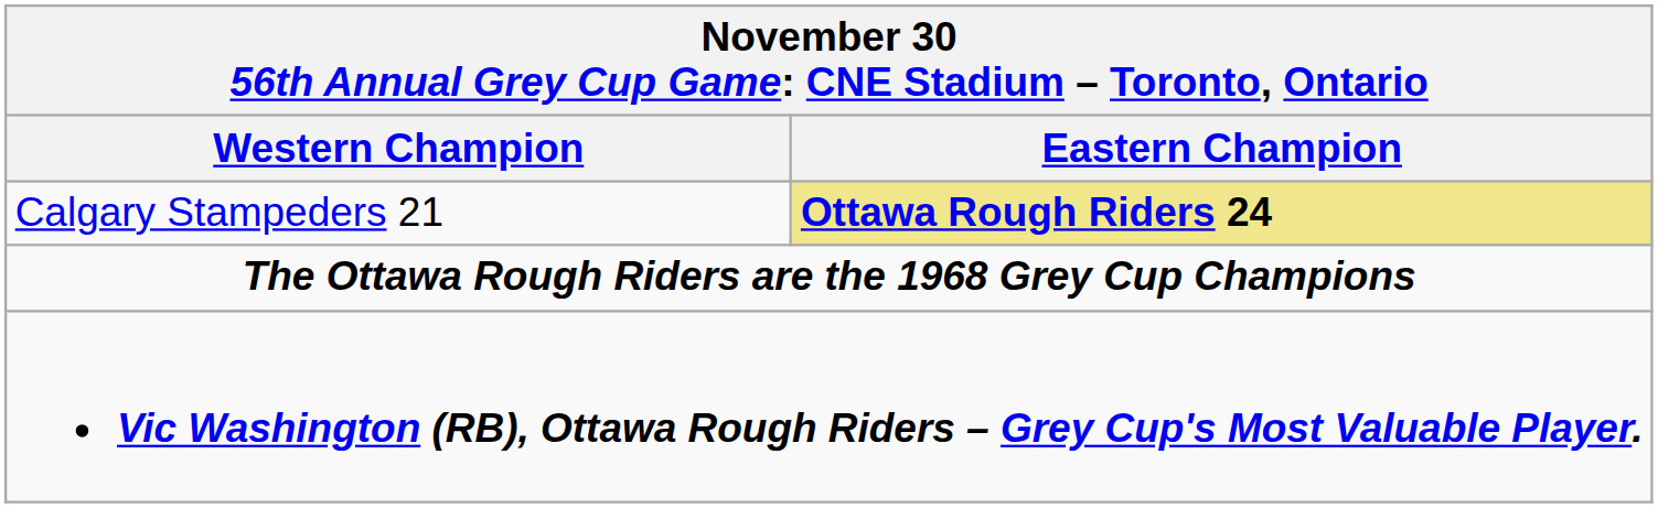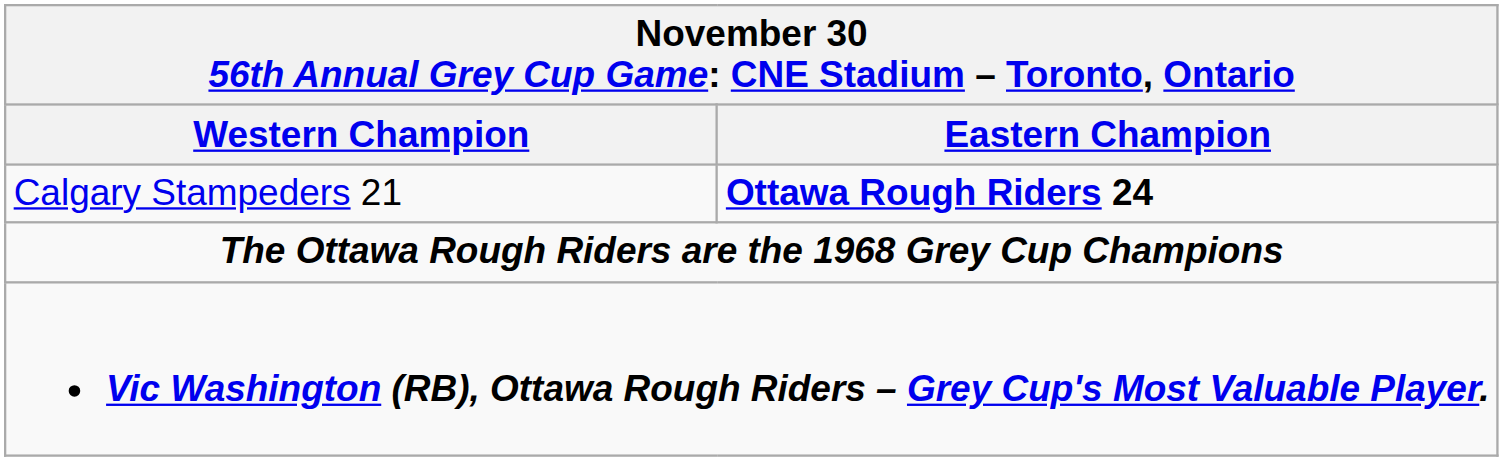 <table class="wikitable">
 <tr>
 <th colspan="4">November 30<br><a href='#'><em>56th Annual Grey Cup Game</em></a>: <a href='#'>CNE Stadium</a> – <a href='#'>Toronto</a>, <a href='#'>Ontario</a></th>
 </tr>
 <tr>
 <th><a href='#'>Western Champion</a></th>
 <th><a href='#'>Eastern Champion</a></th>
 </tr>
 <tr>
 <td><a href='#'>Calgary Stampeders</a> 21</td>
-<td style="background: khaki;"><strong><a href='#'>Ottawa Rough Riders</a> 24</strong></td>
+<td><strong><a href='#'>Ottawa Rough Riders</a> 24</strong></td>
 </tr>
 <tr>
 <td align="center" colspan="4"><strong><em>The Ottawa Rough Riders are the 1968 Grey Cup Champions</em></strong></td>
 </tr>
 <tr>
 <td align="center" colspan="4"><br><ul><li><strong><em><a href='#'>Vic Washington</a> (RB), Ottawa Rough Riders – <a href='#'>Grey Cup's Most Valuable Player</a>.</em></strong></li></ul></td>
 </tr>
 </table>
